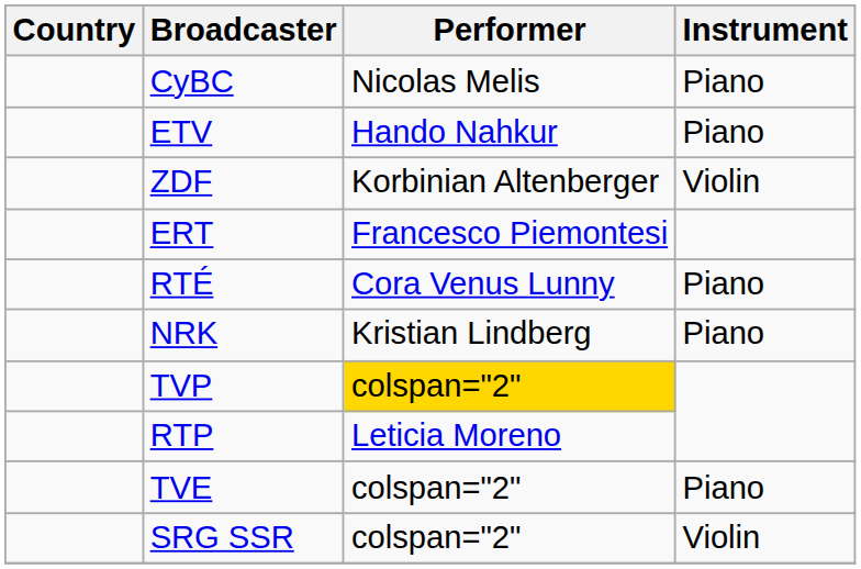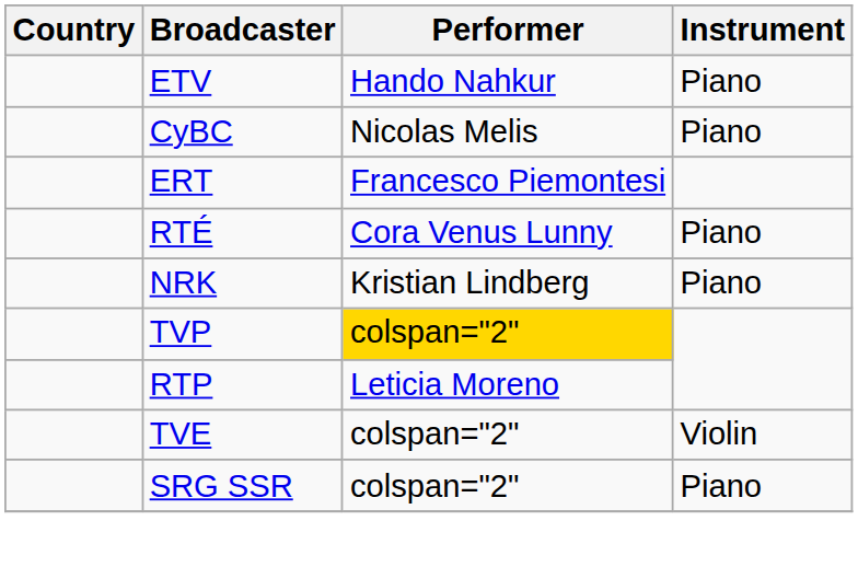 <table class="wikitable" style="text-align: left;">
 <tr>
 <th>Country</th>
 <th>Broadcaster</th>
 <th>Performer</th>
 <th>Instrument</th>
 </tr>
 <tr>
-<td> </td>
-<td><a href='#'>CyBC</a></td>
-<td>Nicolas Melis</td>
-<td>Piano</td>
-</tr>
-<tr>
 <td></td>
 <td><a href='#'>ETV</a></td>
 <td><a href='#'>Hando Nahkur</a></td>
 <td>Piano</td>
 </tr>
 <tr>
-<td></td>
-<td><a href='#'>ZDF</a></td>
-<td>Korbinian Altenberger</td>
-<td>Violin</td>
+<td> </td>
+<td><a href='#'>CyBC</a></td>
+<td>Nicolas Melis</td>
+<td>Piano</td>
 </tr>
 <tr>
 <td></td>
 <td><a href='#'>ERT</a></td>
 <td><a href='#'>Francesco Piemontesi</a></td>
 </tr>
 <tr>
 <td></td>
 <td><a href='#'>RTÉ</a></td>
 <td><a href='#'>Cora Venus Lunny</a></td>
 <td>Piano</td>
 </tr>
 <tr>
 <td></td>
 <td><a href='#'>NRK</a></td>
 <td>Kristian Lindberg</td>
 <td>Piano</td>
 </tr>
 <tr>
 <td></td>
 <td><a href='#'>TVP</a></td>
 <td style="background: gold;">colspan="2" </td>
 </tr>
 <tr>
 <td></td>
 <td><a href='#'>RTP</a></td>
 <td><a href='#'>Leticia Moreno</a></td>
 </tr>
 <tr>
 <td></td>
 <td><a href='#'>TVE</a></td>
 <td>colspan="2" </td>
-<td>Piano</td>
+<td>Violin</td>
 </tr>
 <tr>
 <td></td>
 <td><a href='#'>SRG SSR</a></td>
 <td>colspan="2" </td>
-<td>Violin</td>
+<td>Piano</td>
 </tr>
 <tr>
 </tr>
 </table>
